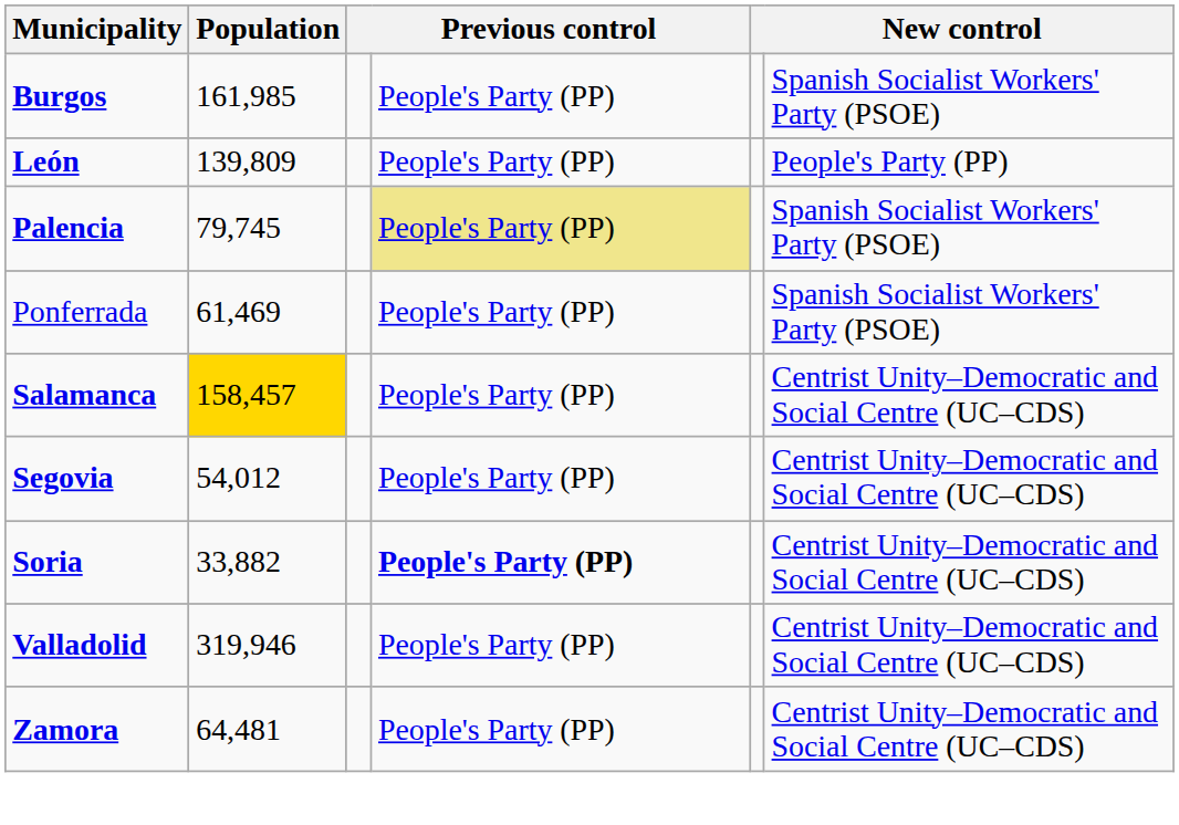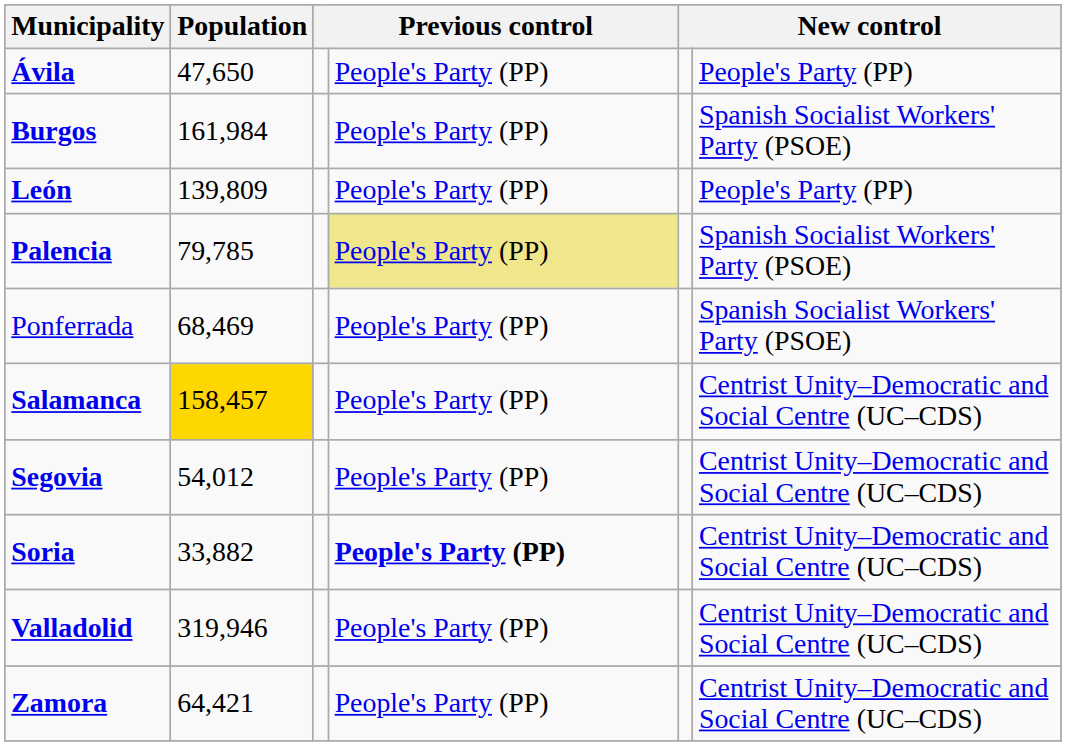 <table class="wikitable sortable">
 <tr>
 <th>Municipality</th>
 <th>Population</th>
 <th colspan="2" style="width:375px;">Previous control</th>
 <th colspan="2" style="width:375px;">New control</th>
 </tr>
 <tr>
+<td><strong><a href='#'>Ávila</a></strong></td>
+<td>47,650</td>
+<td width="1" style="color:inherit;background:"></td>
+<td><a href='#'>People's Party</a> (PP)</td>
+<td width="1" style="color:inherit;background:"></td>
+<td><a href='#'>People's Party</a> (PP)</td>
+</tr>
+<tr>
 <td><strong><a href='#'>Burgos</a></strong></td>
-<td>161,985</td>
+<td>161,984</td>
 <td style="color:inherit;background:"></td>
 <td><a href='#'>People's Party</a> (PP)</td>
 <td style="color:inherit;background:"></td>
 <td><a href='#'>Spanish Socialist Workers' Party</a> (PSOE)</td>
 </tr>
 <tr>
 <td><strong><a href='#'>León</a></strong></td>
 <td>139,809</td>
 <td style="color:inherit;background:"></td>
 <td><a href='#'>People's Party</a> (PP)</td>
 <td style="color:inherit;background:"></td>
 <td><a href='#'>People's Party</a> (PP)</td>
 </tr>
 <tr>
 <td><strong><a href='#'>Palencia</a></strong></td>
-<td>79,745</td>
+<td>79,785</td>
 <td style="color:inherit;background:"></td>
 <td style="background: khaki;"><a href='#'>People's Party</a> (PP)</td>
 <td style="color:inherit;background:"></td>
 <td><a href='#'>Spanish Socialist Workers' Party</a> (PSOE)</td>
 </tr>
 <tr>
 <td><a href='#'>Ponferrada</a></td>
-<td>61,469</td>
+<td>68,469</td>
 <td style="color:inherit;background:"></td>
 <td><a href='#'>People's Party</a> (PP)</td>
 <td style="color:inherit;background:"></td>
 <td><a href='#'>Spanish Socialist Workers' Party</a> (PSOE)</td>
 </tr>
 <tr>
 <td><strong><a href='#'>Salamanca</a></strong></td>
 <td style="background: gold;">158,457</td>
 <td style="color:inherit;background:"></td>
 <td><a href='#'>People's Party</a> (PP)</td>
 <td style="color:inherit;background:"></td>
 <td><a href='#'>Centrist Unity–Democratic and Social Centre</a> (UC–CDS)</td>
 </tr>
 <tr>
 <td><strong><a href='#'>Segovia</a></strong></td>
 <td>54,012</td>
 <td style="color:inherit;background:"></td>
 <td><a href='#'>People's Party</a> (PP)</td>
 <td style="color:inherit;background:"></td>
 <td><a href='#'>Centrist Unity–Democratic and Social Centre</a> (UC–CDS)</td>
 </tr>
 <tr>
 <td><strong><a href='#'>Soria</a></strong></td>
 <td>33,882</td>
 <td style="color:inherit;background:"></td>
 <td><strong><a href='#'>People's Party</a> (PP)</strong></td>
 <td style="color:inherit;background:"></td>
 <td><a href='#'>Centrist Unity–Democratic and Social Centre</a> (UC–CDS)</td>
 </tr>
 <tr>
 <td><strong><a href='#'>Valladolid</a></strong></td>
 <td>319,946</td>
 <td style="color:inherit;background:"></td>
 <td><a href='#'>People's Party</a> (PP)</td>
 <td style="color:inherit;background:"></td>
 <td><a href='#'>Centrist Unity–Democratic and Social Centre</a> (UC–CDS)</td>
 </tr>
 <tr>
 <td><strong><a href='#'>Zamora</a></strong></td>
-<td>64,481</td>
+<td>64,421</td>
 <td style="color:inherit;background:"></td>
 <td><a href='#'>People's Party</a> (PP)</td>
 <td style="color:inherit;background:"></td>
 <td><a href='#'>Centrist Unity–Democratic and Social Centre</a> (UC–CDS)</td>
 </tr>
 </table>
